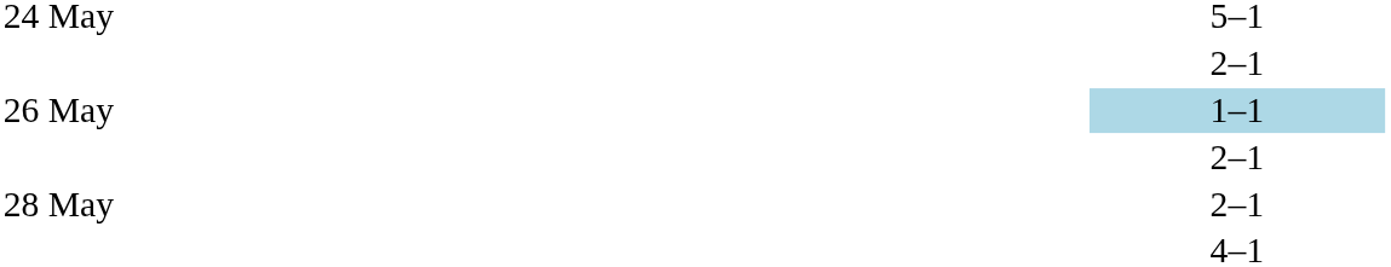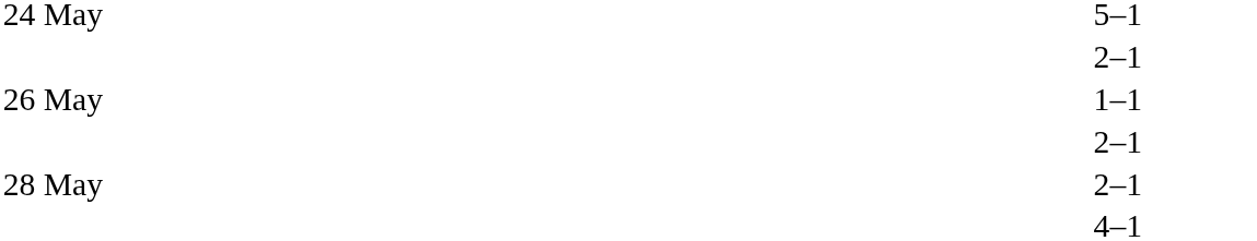 <table cellspacing=1 width=70%>
 <tr>
 <th width=25%></th>
 <th width=30%></th>
 <th width=15%></th>
 <th width=30%></th>
 </tr>
 <tr>
 <td>24 May</td>
 <td align=right></td>
 <td align=center>5–1</td>
 <td></td>
 </tr>
 <tr>
 <td></td>
 <td align=right></td>
 <td align=center>2–1</td>
 <td></td>
 </tr>
 <tr>
 <td>26 May</td>
 <td align=right></td>
-<td align=center style="background: lightblue;">1–1</td>
+<td align=center>1–1</td>
 <td></td>
 </tr>
 <tr>
 <td></td>
 <td align=right></td>
 <td align=center>2–1</td>
 <td></td>
 </tr>
 <tr>
 <td>28 May</td>
 <td align=right></td>
 <td align=center>2–1</td>
 <td></td>
 </tr>
 <tr>
 <td></td>
 <td align=right></td>
 <td align=center>4–1</td>
 <td></td>
 </tr>
 </table>
